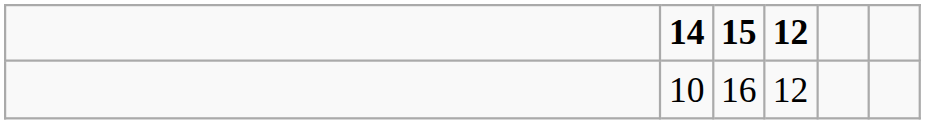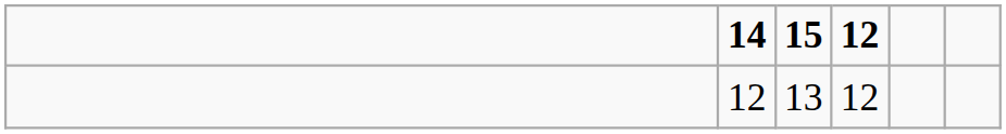 <table class="wikitable">
 <tr>
 <td style="width:18em"><strong></strong></td>
 <td align=center style="width:1em"><strong>14</strong></td>
 <td align=center style="width:1em"><strong>15</strong></td>
 <td align=center style="width:1em"><strong>12</strong></td>
 <td align=center style="width:1em"></td>
 <td align=center style="width:1em"></td>
 </tr>
 <tr>
 <td style="width:18em"></td>
-<td align=center style="width:1em">10</td>
-<td align=center style="width:1em">16</td>
+<td align=center style="width:1em">12</td>
+<td align=center style="width:1em">13</td>
 <td align=center style="width:1em">12</td>
 <td align=center style="width:1em"></td>
 <td align=center style="width:1em"></td>
 </tr>
 </table>
